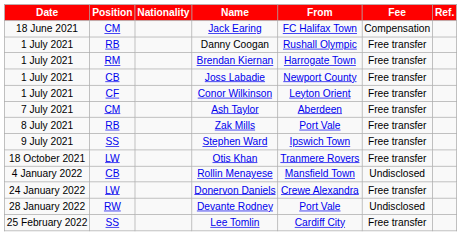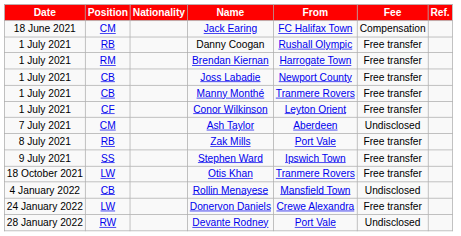 <table class="wikitable"  style="text-align:center; font-size:90%; ">
 <tr>
 <th style="background:red;color:white;">Date</th>
 <th style="background:red;color:white;">Position</th>
 <th style="background:red;color:white;">Nationality</th>
 <th style="background:red;color:white;">Name</th>
 <th style="background:red;color:white;">From</th>
 <th style="background:red;color:white;">Fee</th>
 <th style="background:red;color:white;">Ref.</th>
 </tr>
 <tr>
 <td>18 June 2021</td>
 <td><a href='#'>CM</a></td>
 <td></td>
 <td><a href='#'>Jack Earing</a></td>
 <td> <a href='#'>FC Halifax Town</a></td>
 <td>Compensation</td>
 <td></td>
 </tr>
 <tr>
 <td>1 July 2021</td>
 <td><a href='#'>RB</a></td>
 <td></td>
 <td>Danny Coogan</td>
 <td> <a href='#'>Rushall Olympic</a></td>
 <td>Free transfer</td>
 <td></td>
 </tr>
 <tr>
 <td>1 July 2021</td>
 <td><a href='#'>RM</a></td>
 <td></td>
 <td><a href='#'>Brendan Kiernan</a></td>
 <td> <a href='#'>Harrogate Town</a></td>
 <td>Free transfer</td>
 <td></td>
 </tr>
 <tr>
 <td>1 July 2021</td>
 <td><a href='#'>CB</a></td>
 <td></td>
 <td><a href='#'>Joss Labadie</a></td>
 <td> <a href='#'>Newport County</a></td>
 <td>Free transfer</td>
 <td></td>
 </tr>
 <tr>
 <td>1 July 2021</td>
+<td><a href='#'>CB</a></td>
+<td></td>
+<td><a href='#'>Manny Monthé</a></td>
+<td> <a href='#'>Tranmere Rovers</a></td>
+<td>Free transfer</td>
+<td></td>
+</tr>
+<tr>
+<td>1 July 2021</td>
 <td><a href='#'>CF</a></td>
 <td></td>
 <td><a href='#'>Conor Wilkinson</a></td>
 <td> <a href='#'>Leyton Orient</a></td>
 <td>Free transfer</td>
 <td></td>
 </tr>
 <tr>
 <td>7 July 2021</td>
 <td><a href='#'>CM</a></td>
 <td></td>
 <td><a href='#'>Ash Taylor</a></td>
 <td> <a href='#'>Aberdeen</a></td>
-<td>Free transfer</td>
+<td>Undisclosed</td>
 <td></td>
 </tr>
 <tr>
 <td>8 July 2021</td>
 <td><a href='#'>RB</a></td>
 <td></td>
 <td><a href='#'>Zak Mills</a></td>
 <td> <a href='#'>Port Vale</a></td>
 <td>Free transfer</td>
 <td></td>
 </tr>
 <tr>
 <td>9 July 2021</td>
 <td><a href='#'>SS</a></td>
 <td></td>
 <td><a href='#'>Stephen Ward</a></td>
 <td> <a href='#'>Ipswich Town</a></td>
 <td>Free transfer</td>
 <td></td>
 </tr>
 <tr>
 <td>18 October 2021</td>
 <td><a href='#'>LW</a></td>
 <td></td>
 <td><a href='#'>Otis Khan</a></td>
 <td> <a href='#'>Tranmere Rovers</a></td>
 <td>Free transfer</td>
 <td></td>
 </tr>
 <tr>
 <td>4 January 2022</td>
 <td><a href='#'>CB</a></td>
 <td></td>
 <td><a href='#'>Rollin Menayese</a></td>
 <td> <a href='#'>Mansfield Town</a></td>
 <td>Undisclosed</td>
 <td></td>
 </tr>
 <tr>
 <td>24 January 2022</td>
 <td><a href='#'>LW</a></td>
 <td></td>
 <td><a href='#'>Donervon Daniels</a></td>
 <td> <a href='#'>Crewe Alexandra</a></td>
 <td>Free transfer</td>
 <td></td>
 </tr>
 <tr>
 <td>28 January 2022</td>
 <td><a href='#'>RW</a></td>
 <td></td>
 <td><a href='#'>Devante Rodney</a></td>
 <td> <a href='#'>Port Vale</a></td>
 <td>Undisclosed</td>
 <td></td>
 </tr>
-<tr>
-<td>25 February 2022</td>
-<td><a href='#'>SS</a></td>
-<td></td>
-<td><a href='#'>Lee Tomlin</a></td>
-<td> <a href='#'>Cardiff City</a></td>
-<td>Free transfer</td>
-<td></td>
-</tr>
 </table>
